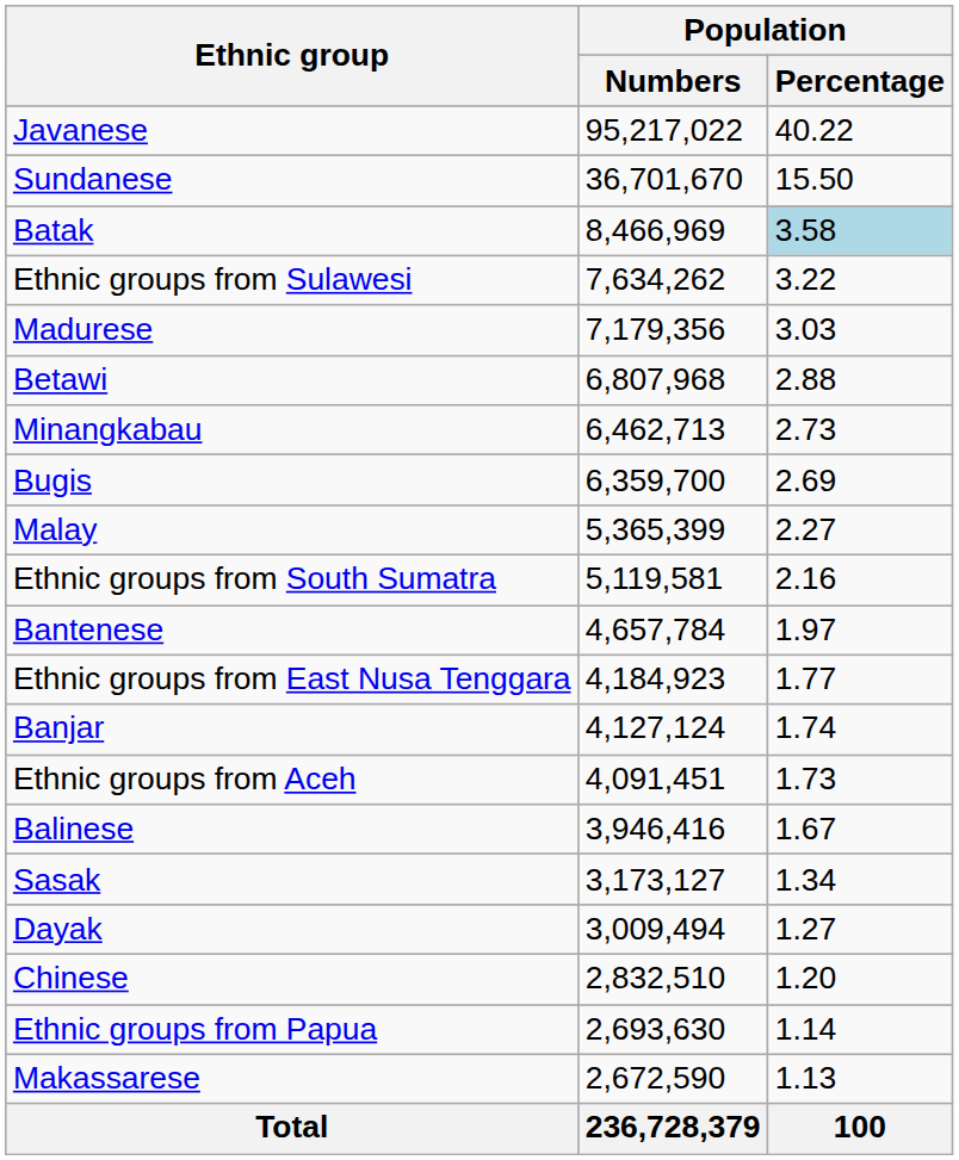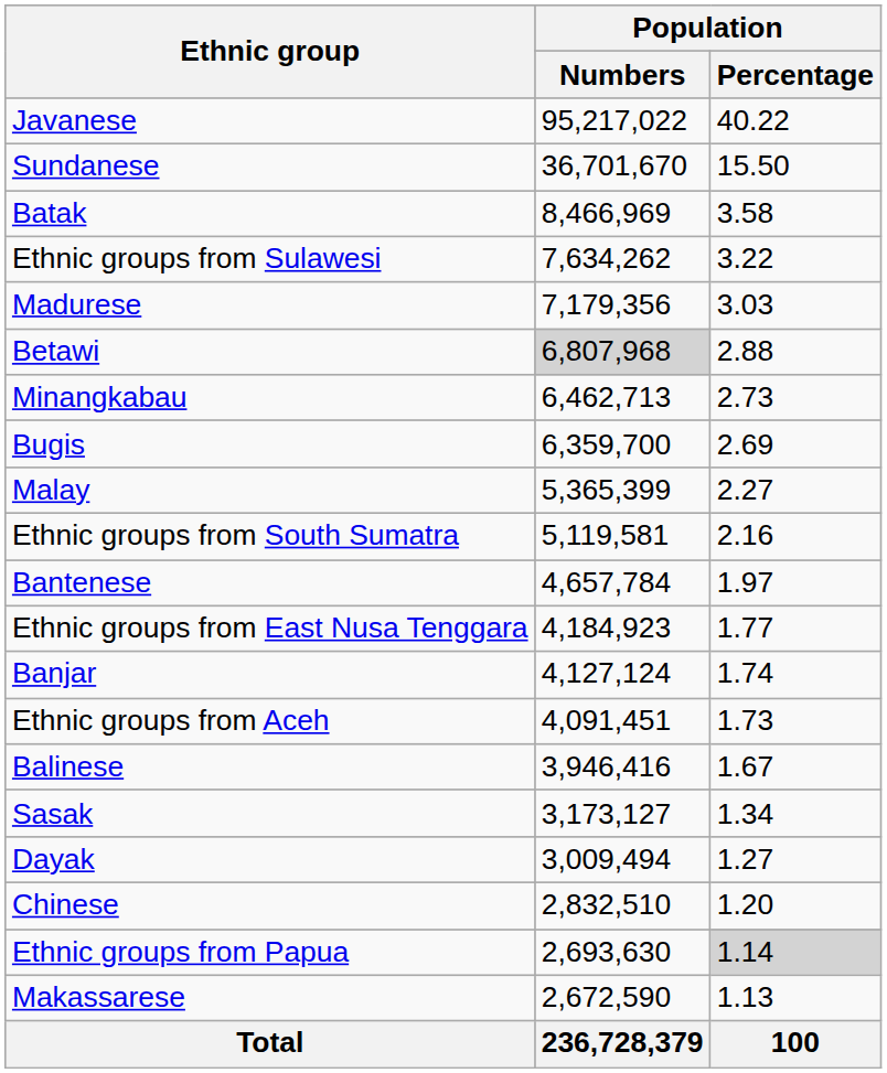 <table class="wikitable sortable col2right col3right">
 <tr>
 <th rowspan=2>Ethnic group</th>
 <th colspan=2>Population</th>
 </tr>
 <tr>
 <th>Numbers</th>
 <th>Percentage</th>
 </tr>
 <tr>
 <td><a href='#'>Javanese</a></td>
 <td>95,217,022</td>
 <td>40.22</td>
 </tr>
 <tr>
 <td><a href='#'>Sundanese</a></td>
 <td>36,701,670</td>
 <td>15.50</td>
 </tr>
 <tr>
 <td><a href='#'>Batak</a></td>
 <td>8,466,969</td>
-<td style="background: lightblue;">3.58</td>
+<td>3.58</td>
 </tr>
 <tr>
 <td>Ethnic groups from <a href='#'>Sulawesi</a></td>
 <td>7,634,262</td>
 <td>3.22</td>
 </tr>
 <tr>
 <td><a href='#'>Madurese</a></td>
 <td>7,179,356</td>
 <td>3.03</td>
 </tr>
 <tr>
 <td><a href='#'>Betawi</a></td>
-<td>6,807,968</td>
+<td style="background: lightgrey;">6,807,968</td>
 <td>2.88</td>
 </tr>
 <tr>
 <td><a href='#'>Minangkabau</a></td>
 <td>6,462,713</td>
 <td>2.73</td>
 </tr>
 <tr>
 <td><a href='#'>Bugis</a></td>
 <td>6,359,700</td>
 <td>2.69</td>
 </tr>
 <tr>
 <td><a href='#'>Malay</a></td>
 <td>5,365,399</td>
 <td>2.27</td>
 </tr>
 <tr>
 <td>Ethnic groups from <a href='#'>South Sumatra</a></td>
 <td>5,119,581</td>
 <td>2.16</td>
 </tr>
 <tr>
 <td><a href='#'>Bantenese</a></td>
 <td>4,657,784</td>
 <td>1.97</td>
 </tr>
 <tr>
 <td>Ethnic groups from <a href='#'>East Nusa Tenggara</a></td>
 <td>4,184,923</td>
 <td>1.77</td>
 </tr>
 <tr>
 <td><a href='#'>Banjar</a></td>
 <td>4,127,124</td>
 <td>1.74</td>
 </tr>
 <tr>
 <td>Ethnic groups from <a href='#'>Aceh</a></td>
 <td>4,091,451</td>
 <td>1.73</td>
 </tr>
 <tr>
 <td><a href='#'>Balinese</a></td>
 <td>3,946,416</td>
 <td>1.67</td>
 </tr>
 <tr>
 <td><a href='#'>Sasak</a></td>
 <td>3,173,127</td>
 <td>1.34</td>
 </tr>
 <tr>
 <td><a href='#'>Dayak</a></td>
 <td>3,009,494</td>
 <td>1.27</td>
 </tr>
 <tr>
 <td><a href='#'>Chinese</a></td>
 <td>2,832,510</td>
 <td>1.20</td>
 </tr>
 <tr>
 <td><a href='#'>Ethnic groups from Papua</a></td>
 <td>2,693,630</td>
-<td>1.14</td>
+<td style="background: lightgrey;">1.14</td>
 </tr>
 <tr>
 <td><a href='#'>Makassarese</a></td>
 <td>2,672,590</td>
 <td>1.13</td>
 </tr>
 <tr>
 <th>Total</th>
 <th>236,728,379</th>
 <th>100</th>
 </tr>
 </table>
